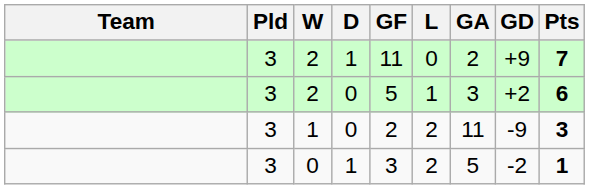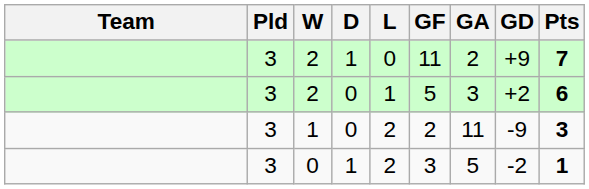 <table class="wikitable" style="text-align: center;">
 <tr>
 <th width=165>Team</th>
 <th width=20>Pld</th>
 <th width=20>W</th>
 <th width=20>D</th>
+<th width=20>L</th>
 <th width=20>GF</th>
-<th width=20>L</th>
 <th width=20>GA</th>
 <th width=20>GD</th>
 <th width=20>Pts</th>
 </tr>
 <tr bgcolor=ccffcc>
 <td align="left"></td>
 <td>3</td>
 <td>2</td>
 <td>1</td>
+<td>0</td>
 <td>11</td>
-<td>0</td>
 <td>2</td>
 <td>+9</td>
 <td><strong>7</strong></td>
 </tr>
 <tr bgcolor=ccffcc>
 <td align="left"></td>
 <td>3</td>
 <td>2</td>
 <td>0</td>
+<td>1</td>
 <td>5</td>
-<td>1</td>
 <td>3</td>
 <td>+2</td>
 <td><strong>6</strong></td>
 </tr>
 <tr>
 <td align="left"></td>
 <td>3</td>
 <td>1</td>
 <td>0</td>
 <td>2</td>
 <td>2</td>
 <td>11</td>
 <td>-9</td>
 <td><strong>3</strong></td>
 </tr>
 <tr>
 <td align="left"></td>
 <td>3</td>
 <td>0</td>
 <td>1</td>
+<td>2</td>
 <td>3</td>
-<td>2</td>
 <td>5</td>
 <td>-2</td>
 <td><strong>1</strong></td>
 </tr>
 </table>
